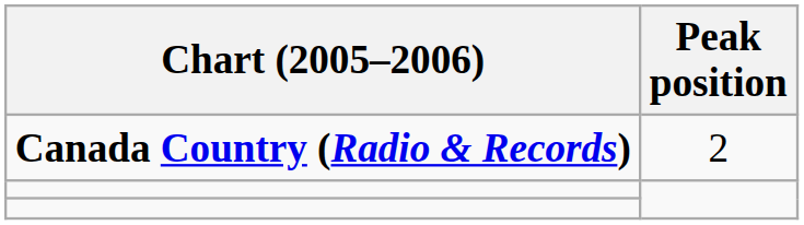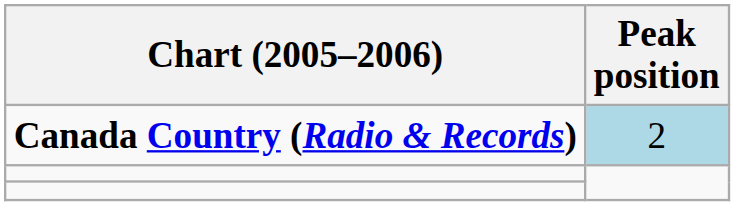 <table class="wikitable sortable">
 <tr>
 <th align="left">Chart (2005–2006)</th>
 <th align="center">Peak<br>position</th>
 </tr>
 <tr>
 <td align="left"><strong>Canada <a href='#'>Country</a> (<em><a href='#'>Radio & Records</a></em>)</strong></td>
-<td align="center">2</td>
+<td align="center" style="background: lightblue;">2</td>
 </tr>
 <tr>
 <td></td>
 </tr>
 <tr>
 <td></td>
 </tr>
 </table>
